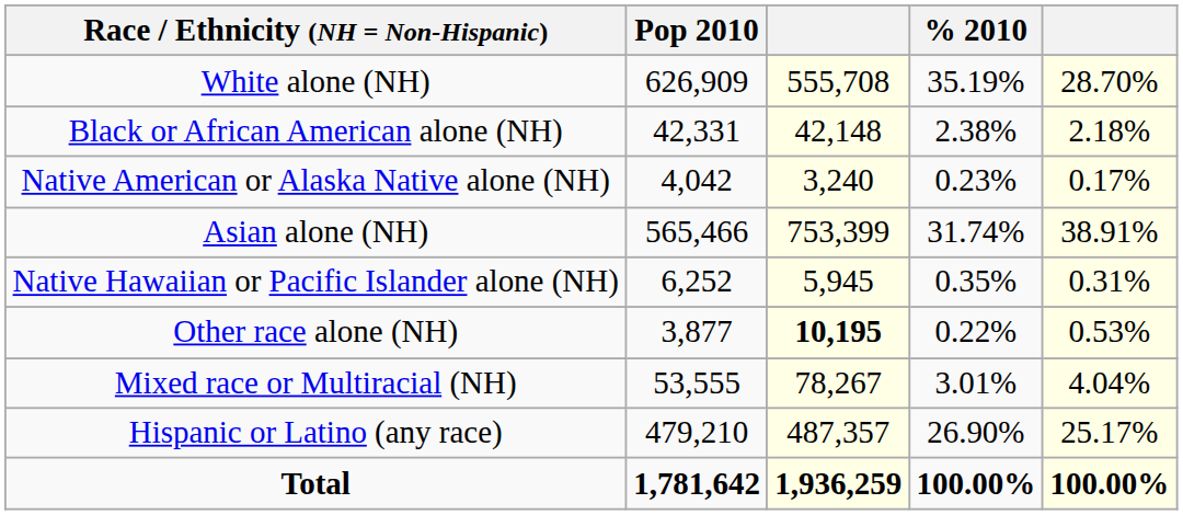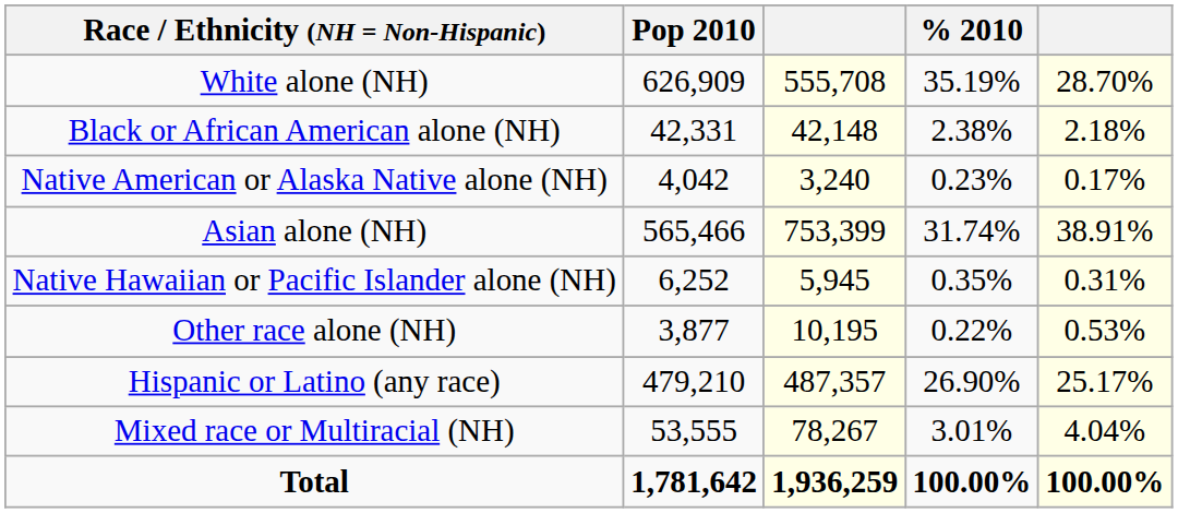 <table class="wikitable" style="text-align:center;">
 <tr>
 <th>Race / Ethnicity <small>(<em>NH = Non-Hispanic</em>)</small></th>
 <th>Pop 2010</th>
 <th></th>
 <th>% 2010</th>
 <th></th>
 </tr>
 <tr>
 <td><a href='#'>White</a> alone (NH)</td>
 <td>626,909</td>
 <td style='background: #ffffe6;'>555,708</td>
 <td>35.19%</td>
 <td style='background: #ffffe6;'>28.70%</td>
 </tr>
 <tr>
 <td><a href='#'>Black or African American</a> alone (NH)</td>
 <td>42,331</td>
 <td style='background: #ffffe6;'>42,148</td>
 <td>2.38%</td>
 <td style='background: #ffffe6;'>2.18%</td>
 </tr>
 <tr>
 <td><a href='#'>Native American</a> or <a href='#'>Alaska Native</a> alone (NH)</td>
 <td>4,042</td>
 <td style='background: #ffffe6;'>3,240</td>
 <td>0.23%</td>
 <td style='background: #ffffe6;'>0.17%</td>
 </tr>
 <tr>
 <td><a href='#'>Asian</a> alone (NH)</td>
 <td>565,466</td>
 <td style='background: #ffffe6;'>753,399</td>
 <td>31.74%</td>
 <td style='background: #ffffe6;'>38.91%</td>
 </tr>
 <tr>
 <td><a href='#'>Native Hawaiian</a> or <a href='#'>Pacific Islander</a> alone (NH)</td>
 <td>6,252</td>
 <td style='background: #ffffe6;'>5,945</td>
 <td>0.35%</td>
 <td style='background: #ffffe6;'>0.31%</td>
 </tr>
 <tr>
 <td><a href='#'>Other race</a> alone (NH)</td>
 <td>3,877</td>
-<td style='background: #ffffe6;'><strong>10,195</strong></td>
+<td style='background: #ffffe6;'>10,195</td>
 <td>0.22%</td>
 <td style='background: #ffffe6;'>0.53%</td>
+</tr>
+<tr>
+<td><a href='#'>Hispanic or Latino</a> (any race)</td>
+<td>479,210</td>
+<td style='background: #ffffe6;'>487,357</td>
+<td>26.90%</td>
+<td style='background: #ffffe6;'>25.17%</td>
 </tr>
 <tr>
 <td><a href='#'>Mixed race or Multiracial</a> (NH)</td>
 <td>53,555</td>
 <td style='background: #ffffe6;'>78,267</td>
 <td>3.01%</td>
 <td style='background: #ffffe6;'>4.04%</td>
 </tr>
 <tr>
-<td><a href='#'>Hispanic or Latino</a> (any race)</td>
-<td>479,210</td>
-<td style='background: #ffffe6;'>487,357</td>
-<td>26.90%</td>
-<td style='background: #ffffe6;'>25.17%</td>
-</tr>
-<tr>
 <td><strong>Total</strong></td>
 <td><strong>1,781,642</strong></td>
 <td style='background: #ffffe6;'><strong>1,936,259</strong></td>
 <td><strong>100.00%</strong></td>
 <td style='background: #ffffe6;'><strong>100.00%</strong></td>
 </tr>
 </table>
